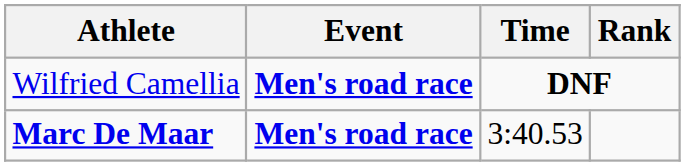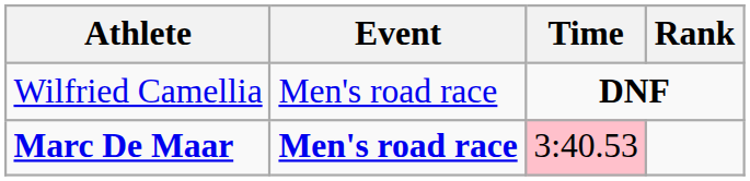 <table class=wikitable style="font-size:90%">
 <tr>
 <th>Athlete</th>
 <th>Event</th>
 <th>Time</th>
 <th>Rank</th>
 </tr>
 <tr>
 <td><a href='#'>Wilfried Camellia</a></td>
-<td><strong><a href='#'>Men's road race</a></strong></td>
+<td><a href='#'>Men's road race</a></td>
 <td align=center colspan=2><strong>DNF</strong></td>
 </tr>
 <tr>
 <td><strong><a href='#'>Marc De Maar</a></strong></td>
 <td><strong><a href='#'>Men's road race</a></strong></td>
-<td align=center>3:40.53</td>
+<td align=center style="background: pink;">3:40.53</td>
 <td align=center></td>
 </tr>
 </table>
